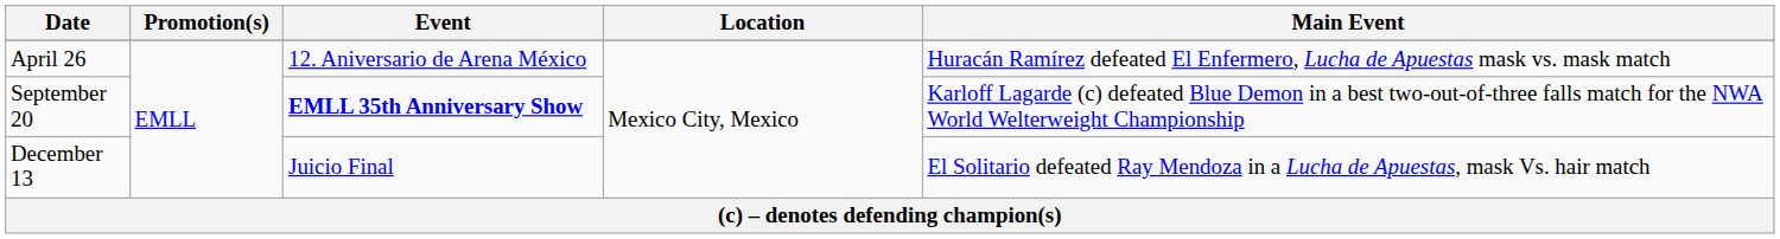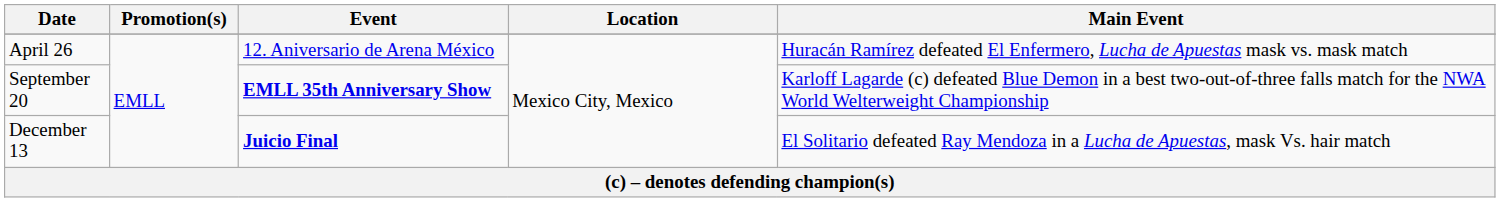 <table class="wikitable" style="width:100%;">
 <tr>
 <th width=5%>Date</th>
 <th width=5%>Promotion(s)</th>
 <th style="width:15%;">Event</th>
 <th style="width:15%;">Location</th>
 <th style="width:40%;">Main Event</th>
 </tr>
 <tr style="width:20%;"| Notes>
 </tr>
 <tr>
 <td>April 26</td>
 <td rowspan=3><a href='#'>EMLL</a></td>
 <td><a href='#'>12. Aniversario de Arena México</a></td>
 <td rowspan=3>Mexico City, Mexico</td>
 <td><a href='#'>Huracán Ramírez</a> defeated <a href='#'>El Enfermero</a>, <em><a href='#'>Lucha de Apuestas</a></em> mask vs. mask match</td>
 </tr>
 <tr>
 <td>September 20</td>
 <td><strong><a href='#'>EMLL 35th Anniversary Show</a></strong></td>
 <td><a href='#'>Karloff Lagarde</a> (c) defeated <a href='#'>Blue Demon</a> in a best two-out-of-three falls match for the <a href='#'>NWA World Welterweight Championship</a></td>
 </tr>
 <tr>
 <td>December 13</td>
-<td><a href='#'>Juicio Final</a></td>
+<td><strong><a href='#'>Juicio Final</a></strong></td>
 <td><a href='#'>El Solitario</a> defeated <a href='#'>Ray Mendoza</a> in a <em><a href='#'>Lucha de Apuestas</a></em>, mask Vs. hair match</td>
 </tr>
 <tr>
 <th colspan="5">(c) – denotes defending champion(s)</th>
 </tr>
 </table>
